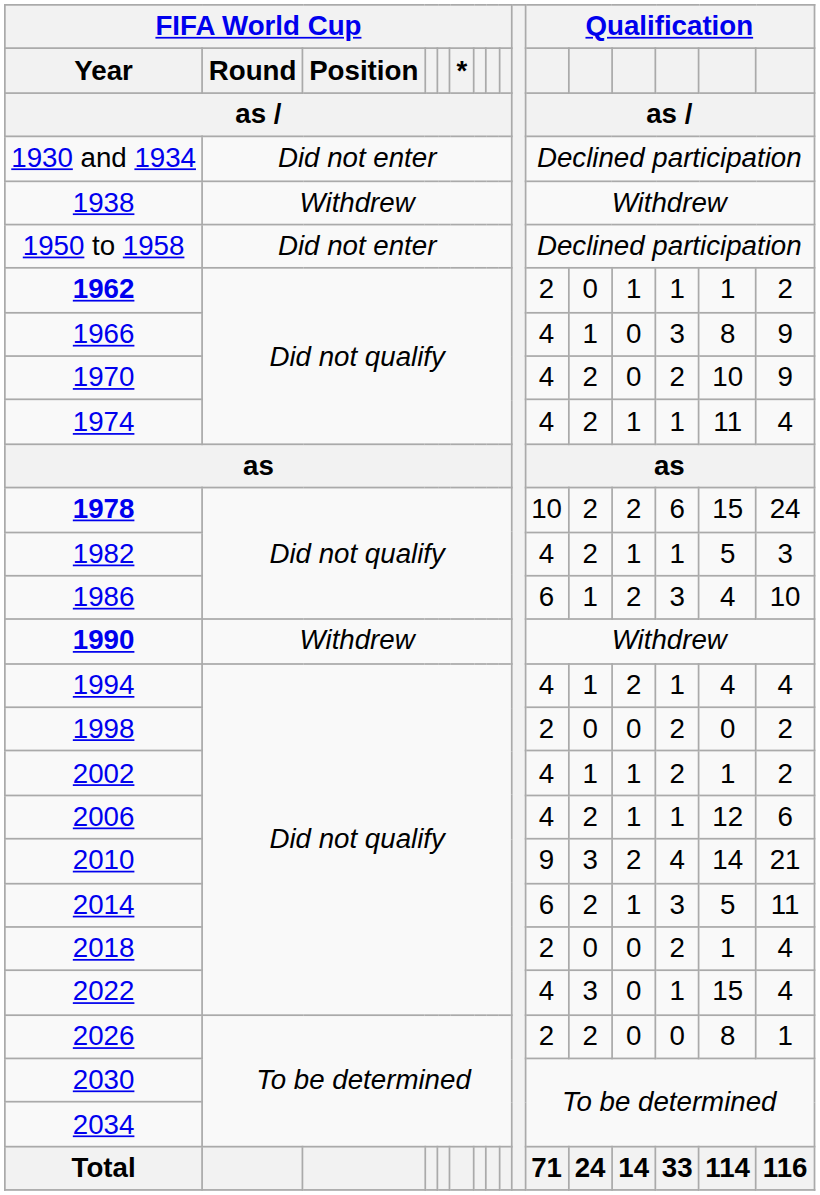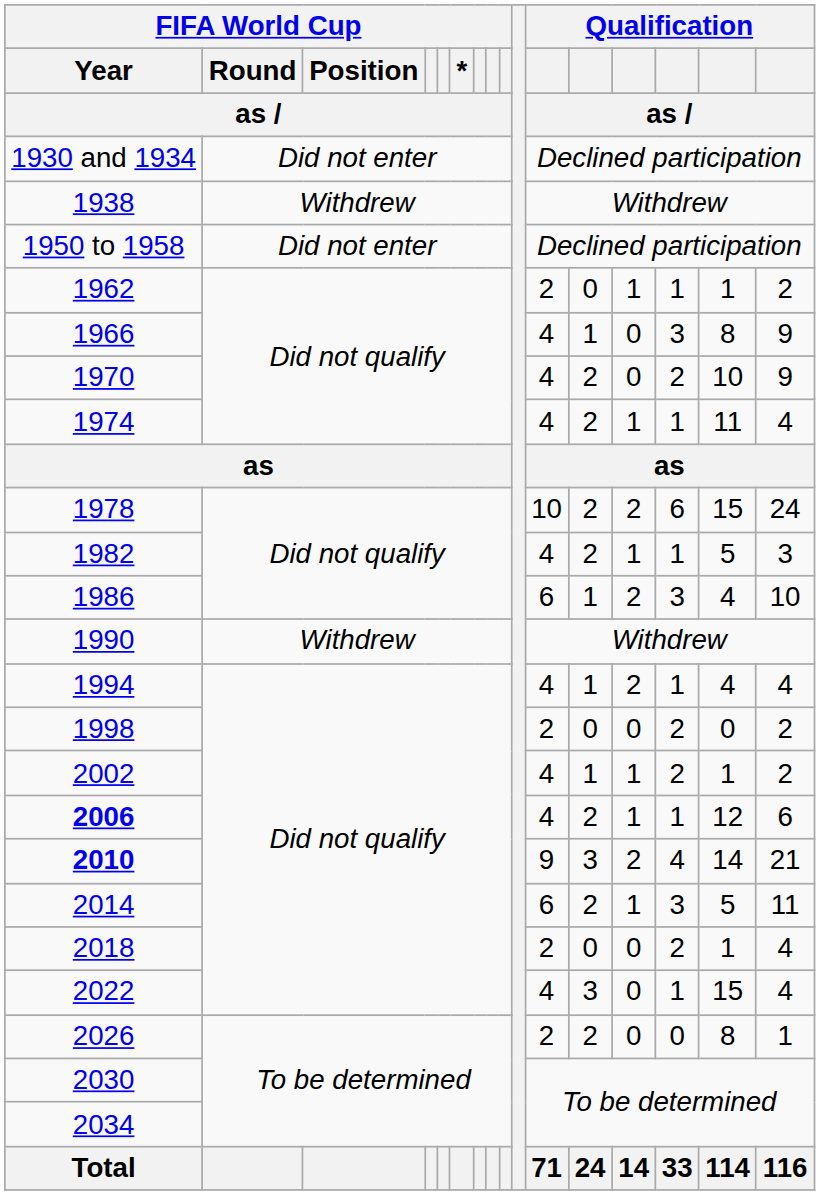 <table class="wikitable" style="text-align: center;">
 <tr>
 <th colspan=9><a href='#'>FIFA World Cup</a></th>
 <th rowspan=39></th>
 <th colspan=6><a href='#'>Qualification</a></th>
 </tr>
 <tr>
 <th>Year</th>
 <th>Round</th>
 <th>Position</th>
 <th></th>
 <th></th>
 <th>*</th>
 <th></th>
 <th></th>
 <th></th>
 <th></th>
 <th></th>
 <th></th>
 <th></th>
 <th></th>
 <th></th>
 </tr>
 <tr>
 <th colspan=9>as  / </th>
 <th colspan=6>as  / </th>
 </tr>
 <tr>
 <td><a href='#'>1930</a> and <a href='#'>1934</a></td>
 <td colspan=8><em>Did not enter</em></td>
 <td colspan=6><em>Declined participation</em></td>
 </tr>
 <tr>
 <td> <a href='#'>1938</a></td>
 <td colspan=8><em>Withdrew</em></td>
 <td colspan=6><em>Withdrew</em></td>
 </tr>
 <tr>
 <td><a href='#'>1950</a> to <a href='#'>1958</a></td>
 <td colspan=8><em>Did not enter</em></td>
 <td colspan=6><em>Declined participation</em></td>
 </tr>
 <tr>
-<td><strong> <a href='#'>1962</a></strong></td>
+<td> <a href='#'>1962</a></td>
 <td colspan=8 rowspan=4><em>Did not qualify</em></td>
 <td>2</td>
 <td>0</td>
 <td>1</td>
 <td>1</td>
 <td>1</td>
 <td>2</td>
 </tr>
 <tr>
 <td> <a href='#'>1966</a></td>
 <td>4</td>
 <td>1</td>
 <td>0</td>
 <td>3</td>
 <td>8</td>
 <td>9</td>
 </tr>
 <tr>
 <td> <a href='#'>1970</a></td>
 <td>4</td>
 <td>2</td>
 <td>0</td>
 <td>2</td>
 <td>10</td>
 <td>9</td>
 </tr>
 <tr>
 <td> <a href='#'>1974</a></td>
 <td>4</td>
 <td>2</td>
 <td>1</td>
 <td>1</td>
 <td>11</td>
 <td>4</td>
 </tr>
 <tr>
 <th colspan=9>as </th>
 <th colspan=6>as </th>
 </tr>
 <tr>
-<td><strong> <a href='#'>1978</a></strong></td>
+<td> <a href='#'>1978</a></td>
 <td colspan=8 rowspan=3><em>Did not qualify</em></td>
 <td>10</td>
 <td>2</td>
 <td>2</td>
 <td>6</td>
 <td>15</td>
 <td>24</td>
 </tr>
 <tr>
 <td> <a href='#'>1982</a></td>
 <td>4</td>
 <td>2</td>
 <td>1</td>
 <td>1</td>
 <td>5</td>
 <td>3</td>
 </tr>
 <tr>
 <td> <a href='#'>1986</a></td>
 <td>6</td>
 <td>1</td>
 <td>2</td>
 <td>3</td>
 <td>4</td>
 <td>10</td>
 </tr>
 <tr>
-<td><strong> <a href='#'>1990</a></strong></td>
+<td> <a href='#'>1990</a></td>
 <td colspan=8><em>Withdrew</em></td>
 <td colspan=6><em>Withdrew</em></td>
 </tr>
 <tr>
 <td> <a href='#'>1994</a></td>
 <td colspan=8 rowspan=8><em>Did not qualify</em></td>
 <td>4</td>
 <td>1</td>
 <td>2</td>
 <td>1</td>
 <td>4</td>
 <td>4</td>
 </tr>
 <tr>
 <td> <a href='#'>1998</a></td>
 <td>2</td>
 <td>0</td>
 <td>0</td>
 <td>2</td>
 <td>0</td>
 <td>2</td>
 </tr>
 <tr>
 <td>  <a href='#'>2002</a></td>
 <td>4</td>
 <td>1</td>
 <td>1</td>
 <td>2</td>
 <td>1</td>
 <td>2</td>
 </tr>
 <tr>
-<td> <a href='#'>2006</a></td>
+<td><strong> <a href='#'>2006</a></strong></td>
 <td>4</td>
 <td>2</td>
 <td>1</td>
 <td>1</td>
 <td>12</td>
 <td>6</td>
 </tr>
 <tr>
-<td> <a href='#'>2010</a></td>
+<td><strong> <a href='#'>2010</a></strong></td>
 <td>9</td>
 <td>3</td>
 <td>2</td>
 <td>4</td>
 <td>14</td>
 <td>21</td>
 </tr>
 <tr>
 <td> <a href='#'>2014</a></td>
 <td>6</td>
 <td>2</td>
 <td>1</td>
 <td>3</td>
 <td>5</td>
 <td>11</td>
 </tr>
 <tr>
 <td> <a href='#'>2018</a></td>
 <td>2</td>
 <td>0</td>
 <td>0</td>
 <td>2</td>
 <td>1</td>
 <td>4</td>
 </tr>
 <tr>
 <td> <a href='#'>2022</a></td>
 <td>4</td>
 <td>3</td>
 <td>0</td>
 <td>1</td>
 <td>15</td>
 <td>4</td>
 </tr>
 <tr>
 <td>   <a href='#'>2026</a></td>
 <td colspan=9 rowspan=3><em>To be determined</em></td>
 <td>2</td>
 <td>2</td>
 <td>0</td>
 <td>0</td>
 <td>8</td>
 <td>1</td>
 </tr>
 <tr>
 <td>   <a href='#'>2030</a></td>
 <td colspan=7 rowspan=2><em>To be determined</em></td>
 </tr>
 <tr>
 <td> <a href='#'>2034</a></td>
 </tr>
 <tr>
 <th>Total</th>
 <th></th>
 <th></th>
 <th></th>
 <th></th>
 <th></th>
 <th></th>
 <th></th>
 <th></th>
 <th>71</th>
 <th>24</th>
 <th>14</th>
 <th>33</th>
 <th>114</th>
 <th>116</th>
 </tr>
 </table>
